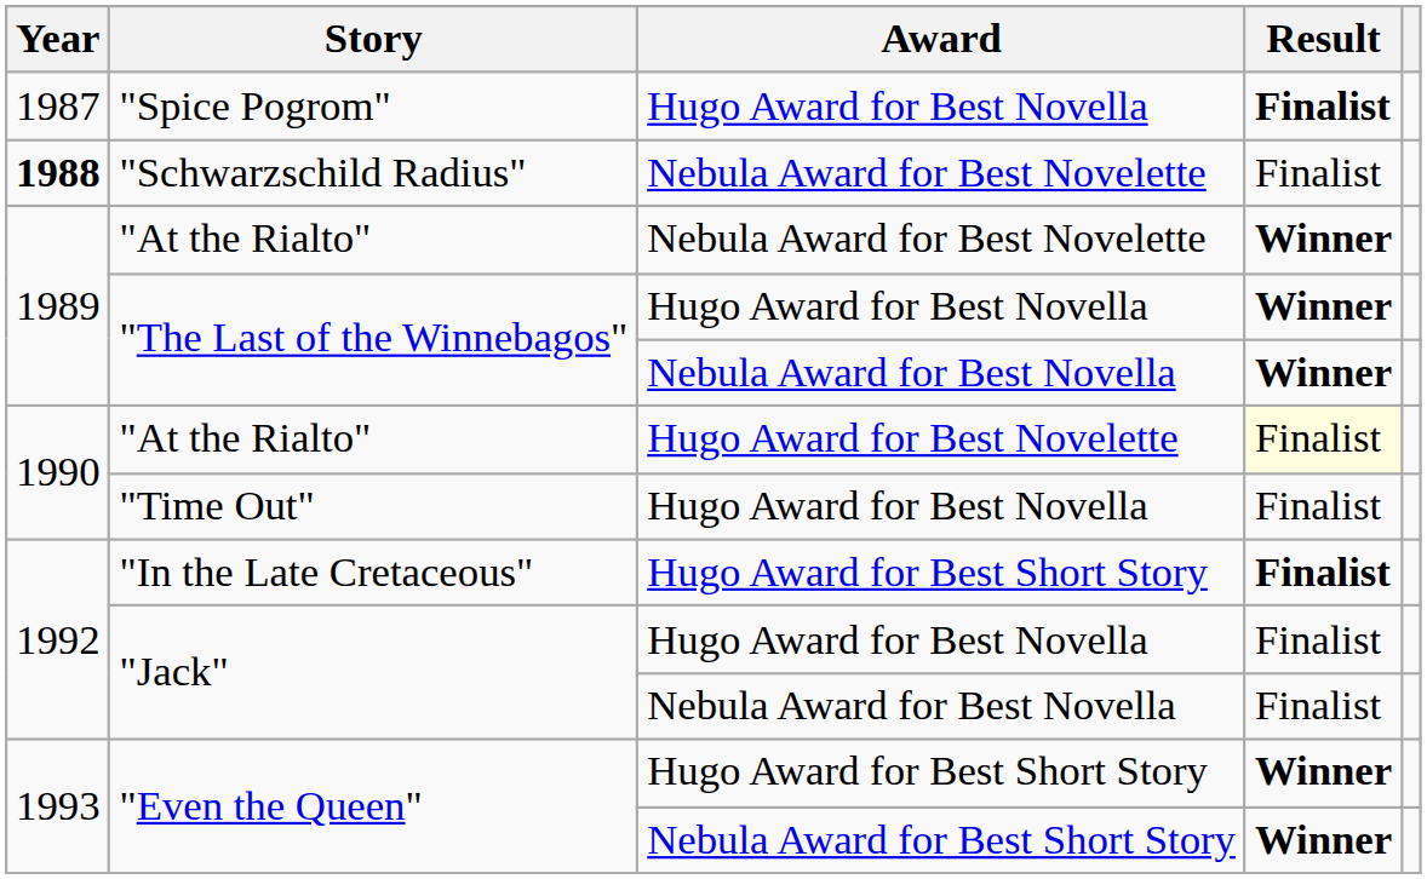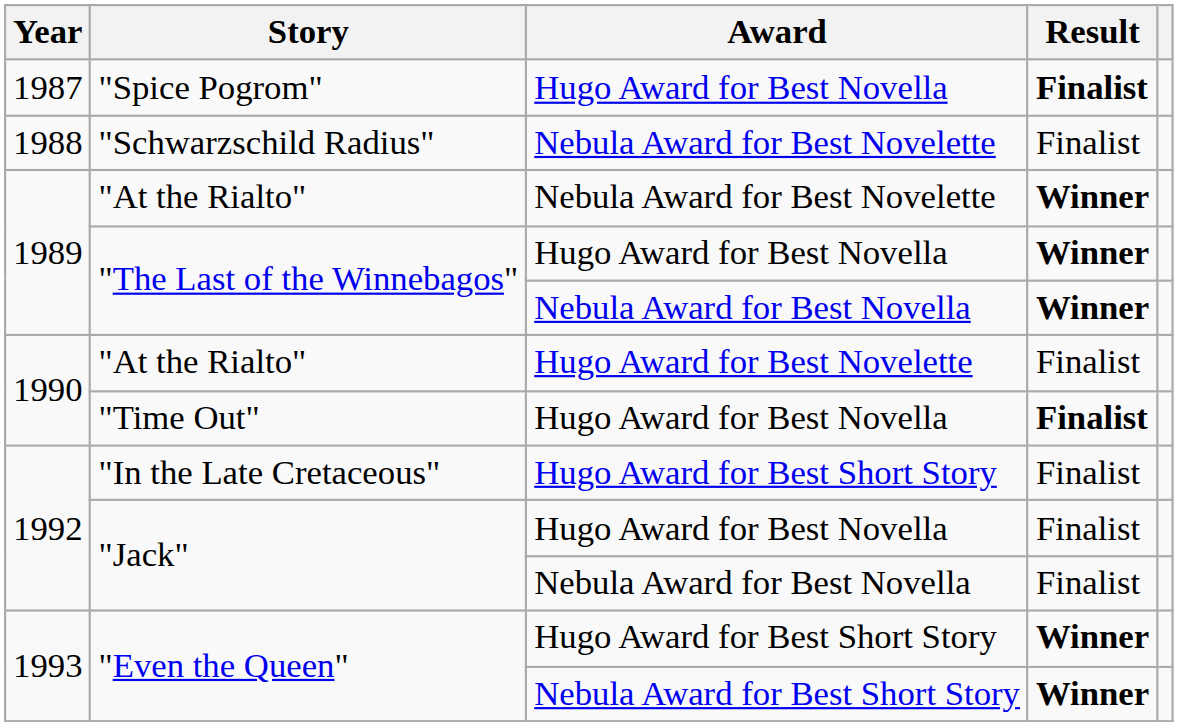 <table class="wikitable">
 <tr>
 <th>Year</th>
 <th>Story</th>
 <th>Award</th>
 <th>Result</th>
 <th></th>
 </tr>
 <tr>
 <td>1987</td>
 <td>"Spice Pogrom"</td>
 <td><a href='#'>Hugo Award for Best Novella</a></td>
 <td><strong>Finalist</strong></td>
 <td></td>
 </tr>
 <tr>
-<td><strong>1988</strong></td>
+<td>1988</td>
 <td>"Schwarzschild Radius"</td>
 <td><a href='#'>Nebula Award for Best Novelette</a></td>
 <td>Finalist</td>
 <td></td>
 </tr>
 <tr>
 <td rowspan="3">1989</td>
 <td>"At the Rialto"</td>
 <td>Nebula Award for Best Novelette</td>
 <td><strong>Winner</strong></td>
 <td></td>
 </tr>
 <tr>
 <td rowspan="2">"<a href='#'>The Last of the Winnebagos</a>"</td>
 <td>Hugo Award for Best Novella</td>
 <td><strong>Winner</strong></td>
 <td></td>
 </tr>
 <tr>
 <td><a href='#'>Nebula Award for Best Novella</a></td>
 <td><strong>Winner</strong></td>
 <td></td>
 </tr>
 <tr>
 <td rowspan="2">1990</td>
 <td>"At the Rialto"</td>
 <td><a href='#'>Hugo Award for Best Novelette</a></td>
-<td style="background: lightyellow;">Finalist</td>
+<td>Finalist</td>
 <td></td>
 </tr>
 <tr>
 <td>"Time Out"</td>
 <td>Hugo Award for Best Novella</td>
-<td>Finalist</td>
+<td><strong>Finalist</strong></td>
 <td></td>
 </tr>
 <tr>
 <td rowspan="3">1992</td>
 <td>"In the Late Cretaceous"</td>
 <td><a href='#'>Hugo Award for Best Short Story</a></td>
-<td><strong>Finalist</strong></td>
+<td>Finalist</td>
 <td></td>
 </tr>
 <tr>
 <td rowspan="2">"Jack"</td>
 <td>Hugo Award for Best Novella</td>
 <td>Finalist</td>
 <td></td>
 </tr>
 <tr>
 <td>Nebula Award for Best Novella</td>
 <td>Finalist</td>
 <td></td>
 </tr>
 <tr>
 <td rowspan="2">1993</td>
 <td rowspan="2">"<a href='#'>Even the Queen</a>"</td>
 <td>Hugo Award for Best Short Story</td>
 <td><strong>Winner</strong></td>
 <td></td>
 </tr>
 <tr>
 <td><a href='#'>Nebula Award for Best Short Story</a></td>
 <td><strong>Winner</strong></td>
 <td></td>
 </tr>
 </table>
